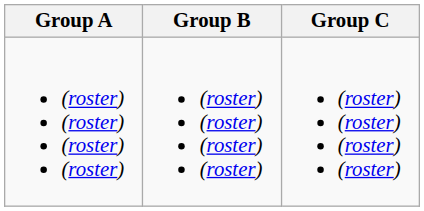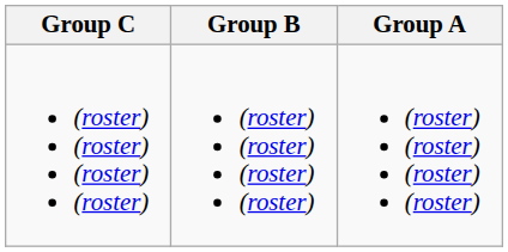 <table class="wikitable">
 <tr>
+<th width=30%>Group C</th>
+<th width=30%>Group B</th>
 <th width=30%>Group A</th>
-<th width=30%>Group B</th>
-<th width=30%>Group C</th>
 </tr>
 <tr>
 <td><br><ul><li> <em>(<a href='#'>roster</a>)</em></li><li> <em>(<a href='#'>roster</a>)</em></li><li> <em>(<a href='#'>roster</a>)</em></li><li> <em>(<a href='#'>roster</a>)</em></li></ul></td>
 <td><br><ul><li> <em>(<a href='#'>roster</a>)</em></li><li> <em>(<a href='#'>roster</a>)</em></li><li> <em>(<a href='#'>roster</a>)</em></li><li> <em>(<a href='#'>roster</a>)</em></li></ul></td>
 <td><br><ul><li> <em>(<a href='#'>roster</a>)</em></li><li> <em>(<a href='#'>roster</a>)</em></li><li> <em>(<a href='#'>roster</a>)</em></li><li> <em>(<a href='#'>roster</a>)</em></li></ul></td>
 </tr>
 </table>
